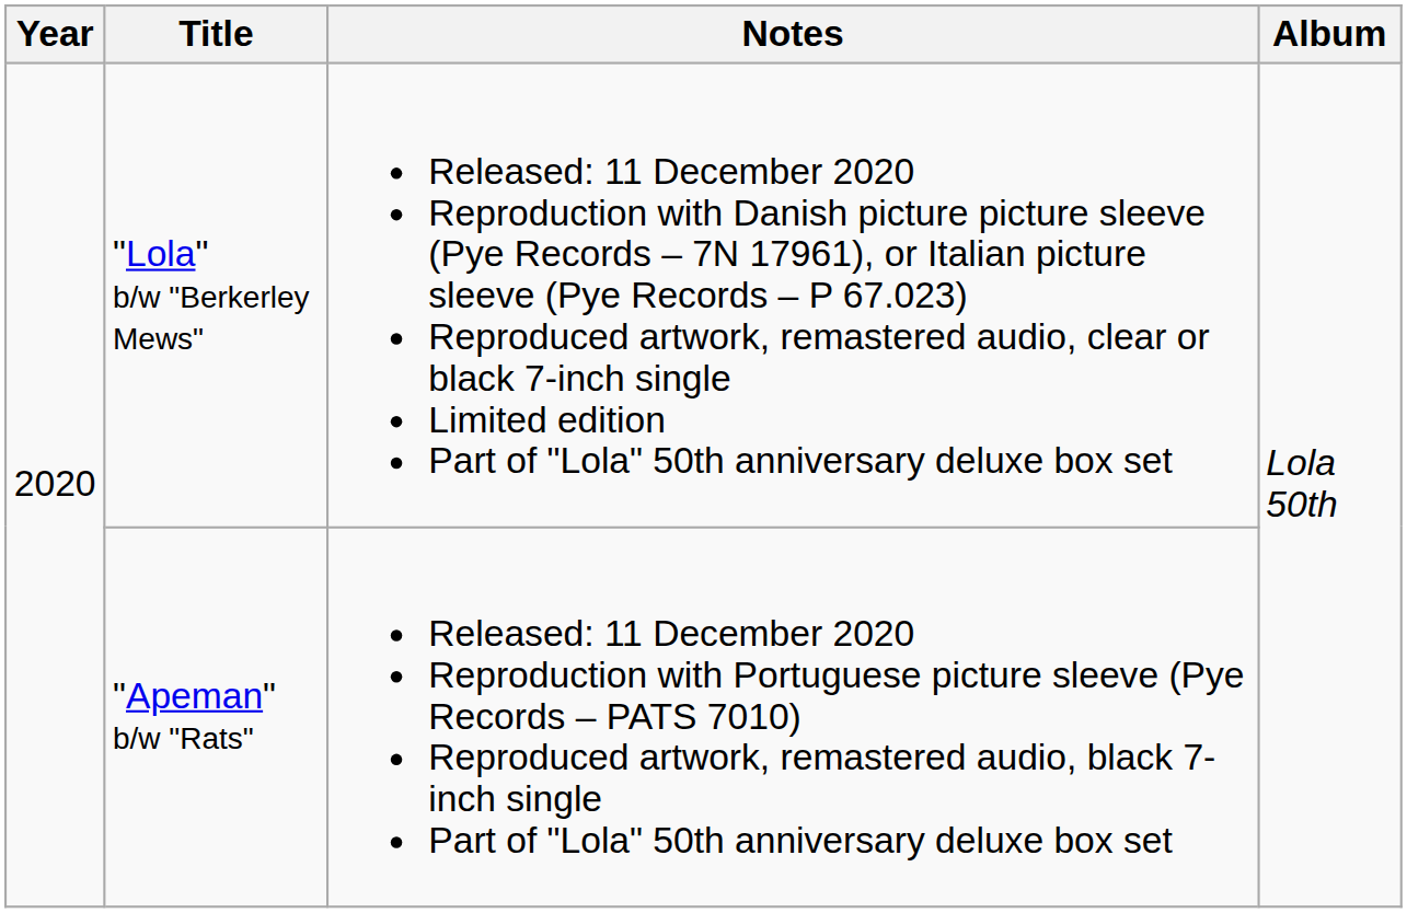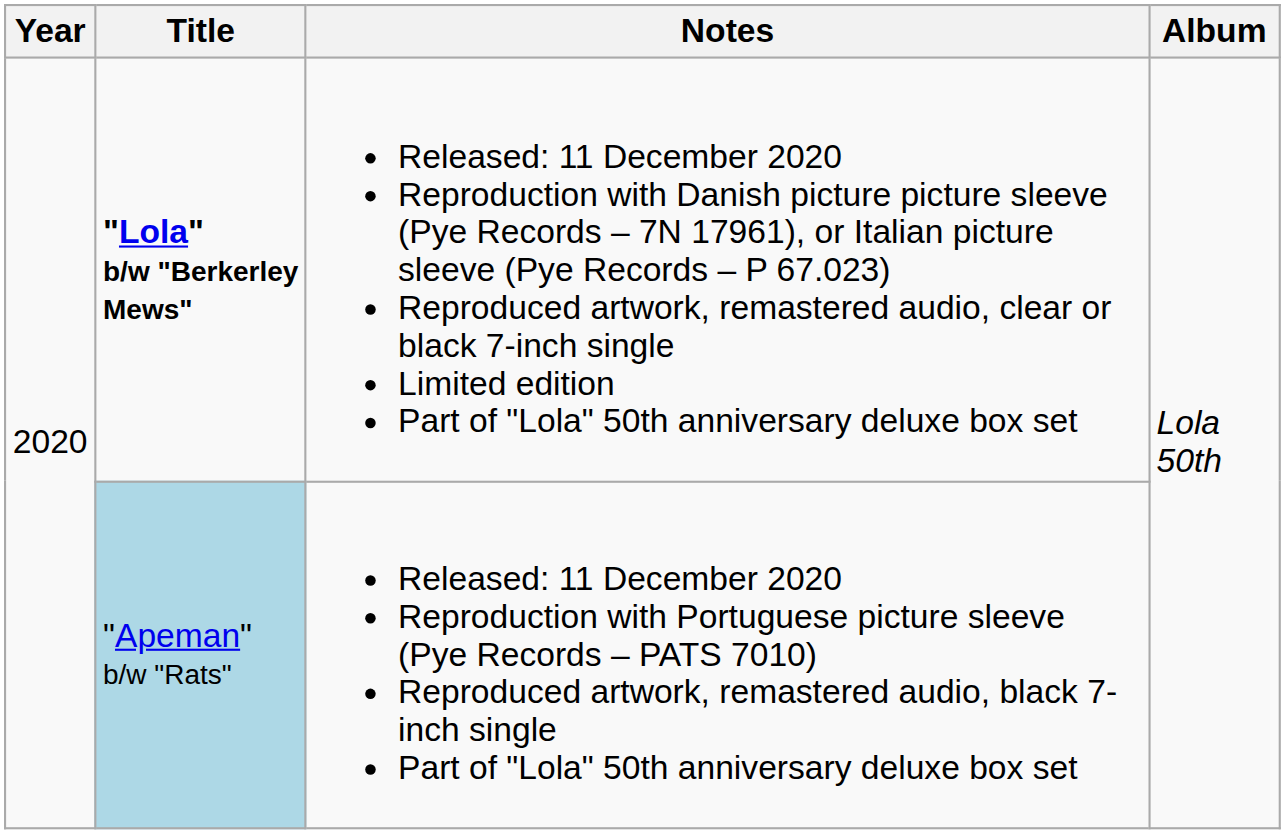 <table class="wikitable">
 <tr>
 <th scope="col">Year</th>
 <th scope="col">Title</th>
 <th scope="col">Notes</th>
 <th scope="col">Album</th>
 </tr>
 <tr>
 <td rowspan=2>2020</td>
-<td>"<a href='#'>Lola</a>"<br><small>b/w "Berkerley Mews"</small></td>
+<td><strong>"<a href='#'>Lola</a>"<br><small>b/w "Berkerley Mews"</small></strong></td>
 <td><br><ul><li>Released: 11 December 2020</li><li>Reproduction with Danish picture picture sleeve (Pye Records – 7N 17961), or Italian picture sleeve (Pye Records – P 67.023)</li><li>Reproduced artwork, remastered audio, clear or black 7-inch single</li><li>Limited edition</li><li>Part of "Lola" 50th anniversary deluxe box set</li></ul></td>
 <td rowspan=2><em>Lola 50th</em></td>
 </tr>
 <tr>
-<td>"<a href='#'>Apeman</a>"<br><small>b/w "Rats"</small></td>
+<td style="background: lightblue;">"<a href='#'>Apeman</a>"<br><small>b/w "Rats"</small></td>
 <td><br><ul><li>Released: 11 December 2020</li><li>Reproduction with Portuguese picture sleeve (Pye Records – PATS 7010)</li><li>Reproduced artwork, remastered audio, black 7-inch single</li><li>Part of "Lola" 50th anniversary deluxe box set</li></ul></td>
 </tr>
 </table>
